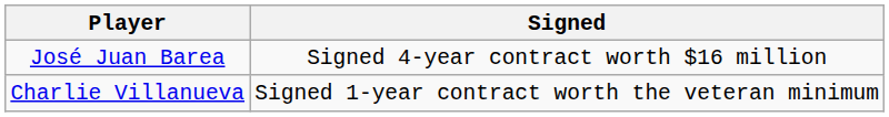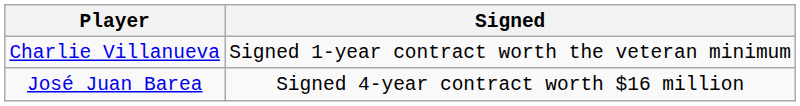 <table class="wikitable sortable sortable">
 <tr>
 <th>Player</th>
 <th>Signed</th>
 </tr>
 <tr style="text-align: center">
+<td><a href='#'>Charlie Villanueva</a></td>
+<td>Signed 1-year contract worth the veteran minimum</td>
+</tr>
+<tr style="text-align: center">
 <td><a href='#'>José Juan Barea</a></td>
 <td>Signed 4-year contract worth $16 million</td>
 </tr>
-<tr style="text-align: center">
-<td><a href='#'>Charlie Villanueva</a></td>
-<td>Signed 1-year contract worth the veteran minimum</td>
-</tr>
 </table>
